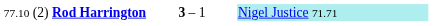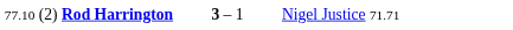 <table style="text-align:center">
 <tr>
 <th width=223></th>
 <th width=100></th>
 <th width=223></th>
 </tr>
 <tr>
 <td align=right><small>77.10</small> (2) <strong><a href='#'>Rod Harrington</a></strong> </td>
 <td><strong>3</strong> – 1</td>
-<td align=left style="background: paleturquoise;"> <a href='#'>Nigel Justice</a> <small>71.71</small></td>
+<td align=left> <a href='#'>Nigel Justice</a> <small>71.71</small></td>
 </tr>
 </table>
